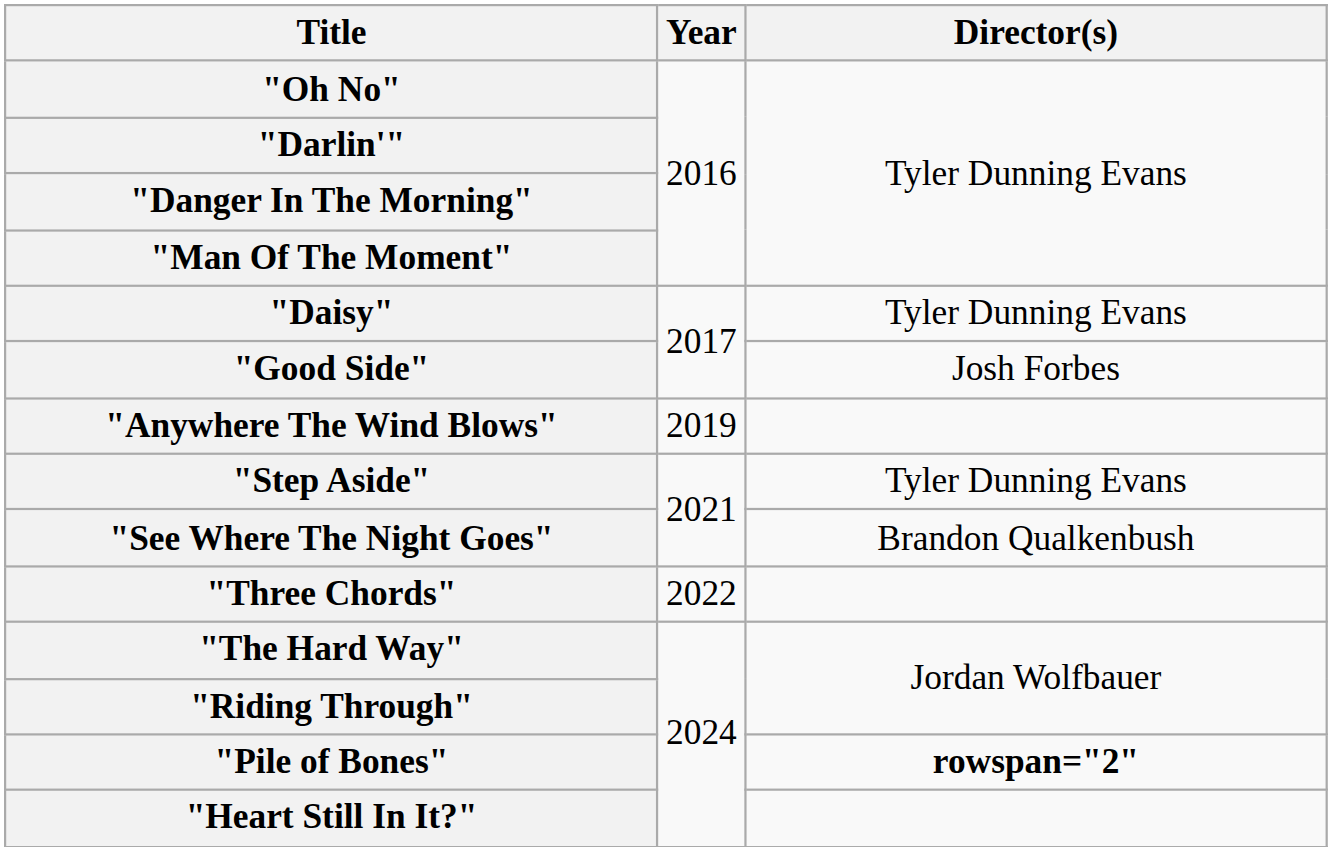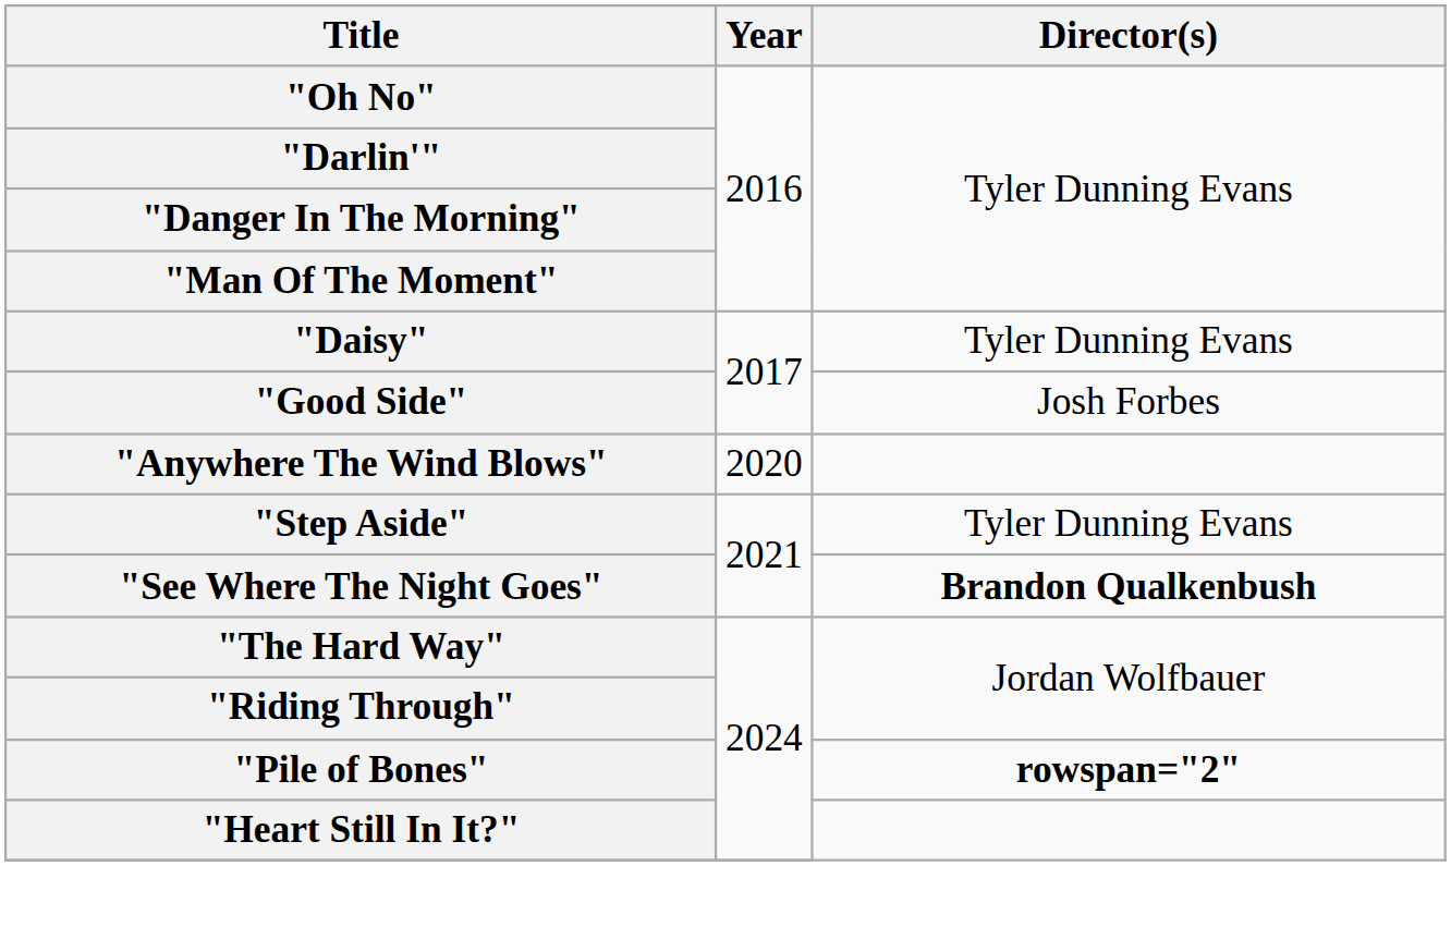 <table class="wikitable plainrowheaders" style="text-align:center;">
 <tr>
 <th scope="col" style="width:18em;">Title</th>
 <th scope="col">Year</th>
 <th scope="col" style="width:16em;">Director(s)</th>
 </tr>
 <tr>
 <th scope="row">"Oh No"</th>
 <td rowspan="4">2016</td>
 <td rowspan="4">Tyler Dunning Evans</td>
 </tr>
 <tr>
 <th scope="row">"Darlin'"</th>
 </tr>
 <tr>
 <th scope="row">"Danger In The Morning"</th>
 </tr>
 <tr>
 <th scope="row">"Man Of The Moment"</th>
 </tr>
 <tr>
 <th scope="row">"Daisy"</th>
 <td rowspan="2">2017</td>
 <td>Tyler Dunning Evans</td>
 </tr>
 <tr>
 <th scope="row">"Good Side"</th>
 <td>Josh Forbes</td>
 </tr>
 <tr>
 <th scope="row">"Anywhere The Wind Blows"</th>
-<td>2019</td>
+<td>2020</td>
 <td></td>
 </tr>
 <tr>
 <th scope="row">"Step Aside"</th>
 <td rowspan="2">2021</td>
 <td>Tyler Dunning Evans</td>
 </tr>
 <tr>
 <th scope="row">"See Where The Night Goes"</th>
-<td>Brandon Qualkenbush</td>
-</tr>
-<tr>
-<th scope="row">"Three Chords"</th>
-<td>2022</td>
-<td></td>
+<td><strong>Brandon Qualkenbush</strong></td>
 </tr>
 <tr>
 <th scope="row">"The Hard Way"</th>
 <td rowspan="4">2024</td>
 <td rowspan="2">Jordan Wolfbauer</td>
 </tr>
 <tr>
 <th scope="row">"Riding Through"</th>
 </tr>
 <tr>
 <th scope="row">"Pile of Bones"</th>
 <td><strong>rowspan="2" </strong></td>
 </tr>
 <tr>
 <th scope="row">"Heart Still In It?"</th>
 </tr>
 <tr>
 </tr>
 </table>
